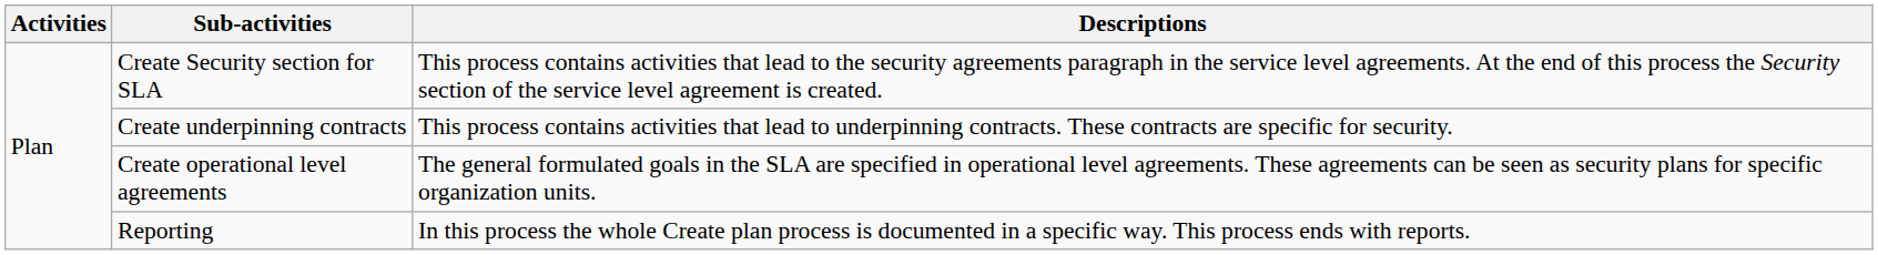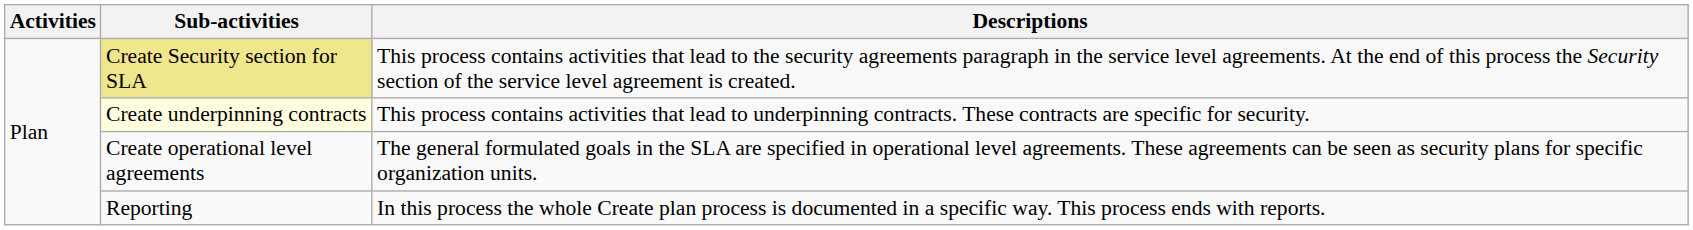 <table class="wikitable">
 <tr>
 <th>Activities</th>
 <th>Sub-activities</th>
 <th>Descriptions</th>
 </tr>
 <tr>
 <td rowspan=4>Plan</td>
-<td>Create Security section for SLA</td>
+<td style="background: khaki;">Create Security section for SLA</td>
 <td>This process contains activities that lead to the security agreements paragraph in the service level agreements. At the end of this process the <em>Security</em> section of the service level agreement is created.</td>
 </tr>
 <tr>
-<td>Create underpinning contracts</td>
+<td style="background: lightyellow;">Create underpinning contracts</td>
 <td>This process contains activities that lead to underpinning contracts. These contracts are specific for security.</td>
 </tr>
 <tr>
 <td>Create operational level agreements</td>
 <td>The general formulated goals in the SLA are specified in operational level agreements. These agreements can be seen as security plans for specific organization units.</td>
 </tr>
 <tr>
 <td>Reporting</td>
 <td>In this process the whole Create plan process is documented in a specific way. This process ends with reports.</td>
 </tr>
 </table>
